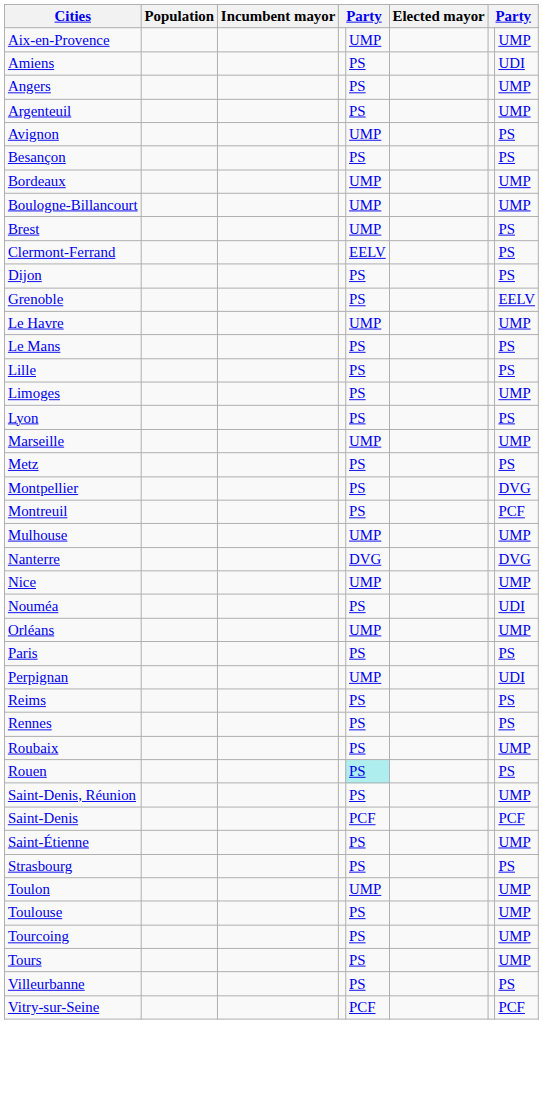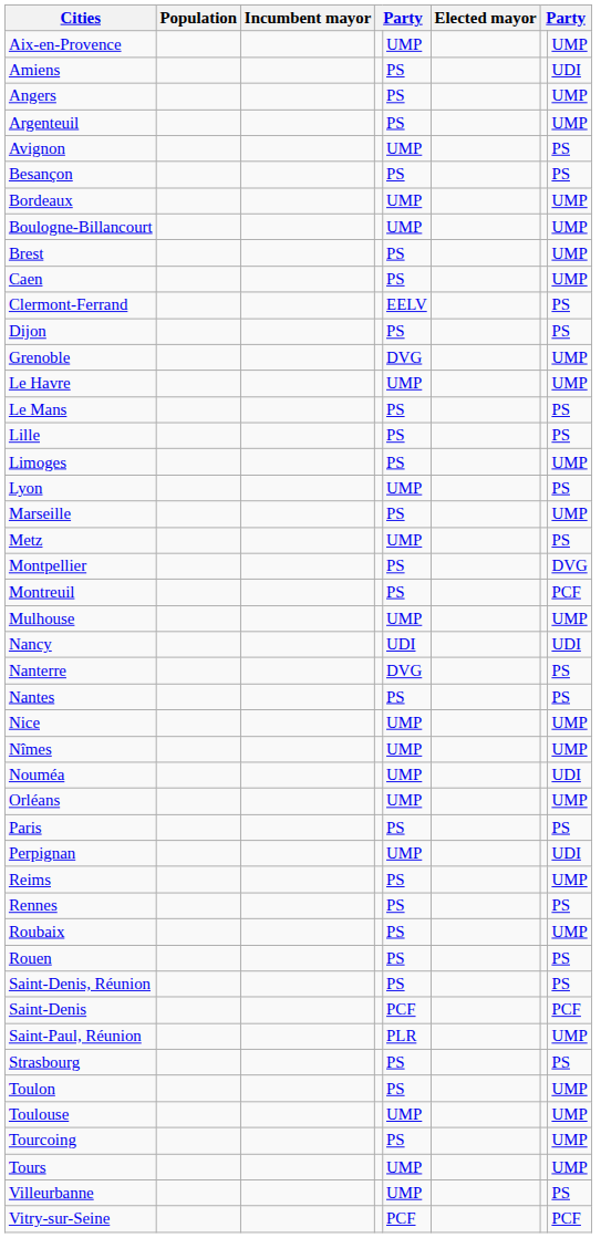 <table class="wikitable sortable centre">
 <tr>
 <th><a href='#'>Cities</a></th>
 <th>Population</th>
 <th>Incumbent mayor</th>
 <th colspan=2><a href='#'>Party</a></th>
 <th>Elected mayor</th>
 <th colspan=2><a href='#'>Party</a></th>
 </tr>
 <tr>
 <td><a href='#'>Aix-en-Provence</a></td>
 <td style="text-align: right"></td>
 <td></td>
 <td style="color:inherit;background:"></td>
 <td><a href='#'>UMP</a></td>
 <td></td>
 <td style="color:inherit;background:"></td>
 <td><a href='#'>UMP</a></td>
 </tr>
 <tr>
 <td><a href='#'>Amiens</a></td>
 <td style="text-align: right"></td>
 <td></td>
 <td style="color:inherit;background:"></td>
 <td><a href='#'>PS</a></td>
 <td></td>
 <td style="color:inherit;background:"></td>
 <td><a href='#'>UDI</a></td>
 </tr>
 <tr>
 <td><a href='#'>Angers</a></td>
 <td style="text-align: right"></td>
 <td></td>
 <td style="color:inherit;background:"></td>
 <td><a href='#'>PS</a></td>
 <td></td>
 <td style="color:inherit;background:"></td>
 <td><a href='#'>UMP</a></td>
 </tr>
 <tr>
 <td><a href='#'>Argenteuil</a></td>
 <td style="text-align: right"></td>
 <td></td>
 <td style="color:inherit;background:"></td>
 <td><a href='#'>PS</a></td>
 <td></td>
 <td style="color:inherit;background:"></td>
 <td><a href='#'>UMP</a></td>
 </tr>
 <tr>
 <td><a href='#'>Avignon</a></td>
 <td style="text-align: right"></td>
 <td></td>
 <td style="color:inherit;background:"></td>
 <td><a href='#'>UMP</a></td>
 <td></td>
 <td style="color:inherit;background:"></td>
 <td><a href='#'>PS</a></td>
 </tr>
 <tr>
 <td><a href='#'>Besançon</a></td>
 <td style="text-align: right"></td>
 <td></td>
 <td style="color:inherit;background:"></td>
 <td><a href='#'>PS</a></td>
 <td></td>
 <td style="color:inherit;background:"></td>
 <td><a href='#'>PS</a></td>
 </tr>
 <tr>
 <td><a href='#'>Bordeaux</a></td>
 <td style="text-align: right"></td>
 <td></td>
 <td style="color:inherit;background:"></td>
 <td><a href='#'>UMP</a></td>
 <td></td>
 <td style="color:inherit;background:"></td>
 <td><a href='#'>UMP</a></td>
 </tr>
 <tr>
 <td><a href='#'>Boulogne-Billancourt</a></td>
 <td style="text-align: right"></td>
 <td></td>
 <td style="color:inherit;background:"></td>
 <td><a href='#'>UMP</a></td>
 <td></td>
 <td style="color:inherit;background:"></td>
 <td><a href='#'>UMP</a></td>
 </tr>
 <tr>
 <td><a href='#'>Brest</a></td>
 <td style="text-align: right"></td>
 <td></td>
 <td style="color:inherit;background:"></td>
+<td><a href='#'>PS</a></td>
+<td></td>
+<td style="color:inherit;background:"></td>
 <td><a href='#'>UMP</a></td>
+</tr>
+<tr>
+<td><a href='#'>Caen</a></td>
+<td style="text-align: right"></td>
 <td></td>
 <td style="color:inherit;background:"></td>
 <td><a href='#'>PS</a></td>
+<td></td>
+<td style="color:inherit;background:"></td>
+<td><a href='#'>UMP</a></td>
 </tr>
 <tr>
 <td><a href='#'>Clermont-Ferrand</a></td>
 <td style="text-align: right"></td>
 <td></td>
 <td style="color:inherit;background:"></td>
 <td><a href='#'>EELV</a></td>
 <td></td>
 <td style="color:inherit;background:"></td>
 <td><a href='#'>PS</a></td>
 </tr>
 <tr>
 <td><a href='#'>Dijon</a></td>
 <td style="text-align: right"></td>
 <td></td>
 <td style="color:inherit;background:"></td>
 <td><a href='#'>PS</a></td>
 <td></td>
 <td style="color:inherit;background:"></td>
 <td><a href='#'>PS</a></td>
 </tr>
 <tr>
 <td><a href='#'>Grenoble</a></td>
 <td style="text-align: right"></td>
 <td></td>
 <td style="color:inherit;background:"></td>
-<td><a href='#'>PS</a></td>
+<td><a href='#'>DVG</a></td>
 <td></td>
 <td style="color:inherit;background:"></td>
-<td><a href='#'>EELV</a></td>
+<td><a href='#'>UMP</a></td>
 </tr>
 <tr>
 <td><a href='#'>Le Havre</a></td>
 <td style="text-align: right"></td>
 <td></td>
 <td style="color:inherit;background:"></td>
 <td><a href='#'>UMP</a></td>
 <td></td>
 <td style="color:inherit;background:"></td>
 <td><a href='#'>UMP</a></td>
 </tr>
 <tr>
 <td><a href='#'>Le Mans</a></td>
 <td style="text-align: right"></td>
 <td></td>
 <td style="color:inherit;background:"></td>
 <td><a href='#'>PS</a></td>
 <td></td>
 <td style="color:inherit;background:"></td>
 <td><a href='#'>PS</a></td>
 </tr>
 <tr>
 <td><a href='#'>Lille</a></td>
 <td style="text-align: right"></td>
 <td></td>
 <td style="color:inherit;background:"></td>
 <td><a href='#'>PS</a></td>
 <td></td>
 <td style="color:inherit;background:"></td>
 <td><a href='#'>PS</a></td>
 </tr>
 <tr>
 <td><a href='#'>Limoges</a></td>
 <td style="text-align: right"></td>
 <td></td>
 <td style="color:inherit;background:"></td>
 <td><a href='#'>PS</a></td>
 <td></td>
 <td style="color:inherit;background:"></td>
 <td><a href='#'>UMP</a></td>
 </tr>
 <tr>
 <td><a href='#'>Lyon</a></td>
 <td style="text-align: right"></td>
 <td></td>
 <td style="color:inherit;background:"></td>
-<td><a href='#'>PS</a></td>
+<td><a href='#'>UMP</a></td>
 <td></td>
 <td style="color:inherit;background:"></td>
 <td><a href='#'>PS</a></td>
 </tr>
 <tr>
 <td><a href='#'>Marseille</a></td>
 <td style="text-align: right"></td>
 <td></td>
 <td style="color:inherit;background:"></td>
-<td><a href='#'>UMP</a></td>
+<td><a href='#'>PS</a></td>
 <td></td>
 <td style="color:inherit;background:"></td>
 <td><a href='#'>UMP</a></td>
 </tr>
 <tr>
 <td><a href='#'>Metz</a></td>
 <td style="text-align: right"></td>
 <td></td>
 <td style="color:inherit;background:"></td>
-<td><a href='#'>PS</a></td>
+<td><a href='#'>UMP</a></td>
 <td></td>
 <td style="color:inherit;background:"></td>
 <td><a href='#'>PS</a></td>
 </tr>
 <tr>
 <td><a href='#'>Montpellier</a></td>
 <td style="text-align: right"></td>
 <td></td>
 <td style="color:inherit;background:"></td>
 <td><a href='#'>PS</a></td>
 <td></td>
 <td style="color:inherit;background:"></td>
 <td><a href='#'>DVG</a></td>
 </tr>
 <tr>
 <td><a href='#'>Montreuil</a></td>
 <td style="text-align: right"></td>
 <td></td>
 <td style="color:inherit;background:"></td>
 <td><a href='#'>PS</a></td>
 <td></td>
 <td style="color:inherit;background:"></td>
 <td><a href='#'>PCF</a></td>
 </tr>
 <tr>
 <td><a href='#'>Mulhouse</a></td>
 <td style="text-align: right"></td>
 <td></td>
 <td style="color:inherit;background:"></td>
 <td><a href='#'>UMP</a></td>
 <td></td>
 <td style="color:inherit;background:"></td>
 <td><a href='#'>UMP</a></td>
 </tr>
 <tr>
+<td><a href='#'>Nancy</a></td>
+<td style="text-align: right"></td>
+<td></td>
+<td style="color:inherit;background:"></td>
+<td><a href='#'>UDI</a></td>
+<td></td>
+<td style="color:inherit;background:"></td>
+<td><a href='#'>UDI</a></td>
+</tr>
+<tr>
 <td><a href='#'>Nanterre</a></td>
 <td style="text-align: right"></td>
 <td></td>
 <td style="color:inherit;background:"></td>
 <td><a href='#'>DVG</a></td>
 <td></td>
 <td style="color:inherit;background:"></td>
-<td><a href='#'>DVG</a></td>
+<td><a href='#'>PS</a></td>
+</tr>
+<tr>
+<td><a href='#'>Nantes</a></td>
+<td style="text-align: right"></td>
+<td></td>
+<td style="color:inherit;background:"></td>
+<td><a href='#'>PS</a></td>
+<td></td>
+<td style="color:inherit;background:"></td>
+<td><a href='#'>PS</a></td>
 </tr>
 <tr>
 <td><a href='#'>Nice</a></td>
+<td style="text-align: right"></td>
+<td></td>
+<td style="color:inherit;background:"></td>
+<td><a href='#'>UMP</a></td>
+<td></td>
+<td style="color:inherit;background:"></td>
+<td><a href='#'>UMP</a></td>
+</tr>
+<tr>
+<td><a href='#'>Nîmes</a></td>
 <td style="text-align: right"></td>
 <td></td>
 <td style="color:inherit;background:"></td>
 <td><a href='#'>UMP</a></td>
 <td></td>
 <td style="color:inherit;background:"></td>
 <td><a href='#'>UMP</a></td>
 </tr>
 <tr>
 <td><a href='#'>Nouméa</a></td>
 <td style="text-align: right"></td>
 <td></td>
 <td style="color:inherit;background:"></td>
-<td><a href='#'>PS</a></td>
+<td><a href='#'>UMP</a></td>
 <td></td>
 <td style="color:inherit;background:"></td>
 <td><a href='#'>UDI</a></td>
 </tr>
 <tr>
 <td><a href='#'>Orléans</a></td>
 <td style="text-align: right"></td>
 <td></td>
 <td style="color:inherit;background:"></td>
 <td><a href='#'>UMP</a></td>
 <td></td>
 <td style="color:inherit;background:"></td>
 <td><a href='#'>UMP</a></td>
 </tr>
 <tr>
 <td><a href='#'>Paris</a></td>
 <td style="text-align: right"></td>
 <td></td>
 <td style="color:inherit;background:"></td>
 <td><a href='#'>PS</a></td>
 <td></td>
 <td style="color:inherit;background:"></td>
 <td><a href='#'>PS</a></td>
 </tr>
 <tr>
 <td><a href='#'>Perpignan</a></td>
 <td style="text-align: right"></td>
 <td></td>
 <td style="color:inherit;background:"></td>
 <td><a href='#'>UMP</a></td>
 <td></td>
 <td style="color:inherit;background:"></td>
 <td><a href='#'>UDI</a></td>
 </tr>
 <tr>
 <td><a href='#'>Reims</a></td>
 <td style="text-align: right"></td>
 <td></td>
 <td style="color:inherit;background:"></td>
 <td><a href='#'>PS</a></td>
 <td></td>
 <td style="color:inherit;background:"></td>
-<td><a href='#'>PS</a></td>
+<td><a href='#'>UMP</a></td>
 </tr>
 <tr>
 <td><a href='#'>Rennes</a></td>
 <td style="text-align: right"></td>
 <td></td>
 <td style="color:inherit;background:"></td>
 <td><a href='#'>PS</a></td>
 <td></td>
 <td style="color:inherit;background:"></td>
 <td><a href='#'>PS</a></td>
 </tr>
 <tr>
 <td><a href='#'>Roubaix</a></td>
 <td style="text-align: right"></td>
 <td></td>
 <td style="color:inherit;background:"></td>
 <td><a href='#'>PS</a></td>
 <td></td>
 <td style="color:inherit;background:"></td>
 <td><a href='#'>UMP</a></td>
 </tr>
 <tr>
 <td><a href='#'>Rouen</a></td>
 <td style="text-align: right"></td>
 <td></td>
 <td style="color:inherit;background:"></td>
-<td style="background: paleturquoise;"><a href='#'>PS</a></td>
+<td><a href='#'>PS</a></td>
 <td></td>
 <td style="color:inherit;background:"></td>
 <td><a href='#'>PS</a></td>
 </tr>
 <tr>
 <td><a href='#'>Saint-Denis, Réunion</a></td>
 <td style="text-align: right"></td>
 <td></td>
 <td style="color:inherit;background:"></td>
 <td><a href='#'>PS</a></td>
 <td></td>
 <td style="color:inherit;background:"></td>
-<td><a href='#'>UMP</a></td>
+<td><a href='#'>PS</a></td>
 </tr>
 <tr>
 <td><a href='#'>Saint-Denis</a></td>
 <td style="text-align: right"></td>
 <td></td>
 <td style="color:inherit;background:"></td>
 <td><a href='#'>PCF</a></td>
 <td></td>
 <td style="color:inherit;background:"></td>
 <td><a href='#'>PCF</a></td>
 </tr>
 <tr>
-<td><a href='#'>Saint-Étienne</a></td>
+<td><a href='#'>Saint-Paul, Réunion</a></td>
 <td style="text-align: right"></td>
 <td></td>
 <td style="color:inherit;background:"></td>
-<td><a href='#'>PS</a></td>
+<td><a href='#'>PLR</a></td>
 <td></td>
 <td style="color:inherit;background:"></td>
 <td><a href='#'>UMP</a></td>
 </tr>
 <tr>
 <td><a href='#'>Strasbourg</a></td>
 <td style="text-align: right"></td>
 <td></td>
 <td style="color:inherit;background:"></td>
 <td><a href='#'>PS</a></td>
 <td></td>
 <td style="color:inherit;background:"></td>
 <td><a href='#'>PS</a></td>
 </tr>
 <tr>
 <td><a href='#'>Toulon</a></td>
 <td style="text-align: right"></td>
 <td></td>
 <td style="color:inherit;background:"></td>
-<td><a href='#'>UMP</a></td>
+<td><a href='#'>PS</a></td>
 <td></td>
 <td style="color:inherit;background:"></td>
 <td><a href='#'>UMP</a></td>
 </tr>
 <tr>
 <td><a href='#'>Toulouse</a></td>
 <td style="text-align: right"></td>
 <td></td>
 <td style="color:inherit;background:"></td>
-<td><a href='#'>PS</a></td>
+<td><a href='#'>UMP</a></td>
 <td></td>
 <td style="color:inherit;background:"></td>
 <td><a href='#'>UMP</a></td>
 </tr>
 <tr>
 <td><a href='#'>Tourcoing</a></td>
 <td style="text-align: right"></td>
 <td></td>
 <td style="color:inherit;background:"></td>
 <td><a href='#'>PS</a></td>
 <td></td>
 <td style="color:inherit;background:"></td>
 <td><a href='#'>UMP</a></td>
 </tr>
 <tr>
 <td><a href='#'>Tours</a></td>
 <td style="text-align: right"></td>
 <td></td>
 <td style="color:inherit;background:"></td>
-<td><a href='#'>PS</a></td>
+<td><a href='#'>UMP</a></td>
 <td></td>
 <td style="color:inherit;background:"></td>
 <td><a href='#'>UMP</a></td>
 </tr>
 <tr>
 <td><a href='#'>Villeurbanne</a></td>
 <td style="text-align: right"></td>
 <td></td>
 <td style="color:inherit;background:"></td>
-<td><a href='#'>PS</a></td>
+<td><a href='#'>UMP</a></td>
 <td></td>
 <td style="color:inherit;background:"></td>
 <td><a href='#'>PS</a></td>
 </tr>
 <tr>
 <td><a href='#'>Vitry-sur-Seine</a></td>
 <td style="text-align: right"></td>
 <td></td>
 <td style="color:inherit;background:"></td>
 <td><a href='#'>PCF</a></td>
 <td></td>
 <td style="color:inherit;background:"></td>
 <td><a href='#'>PCF</a></td>
 </tr>
 </table>
